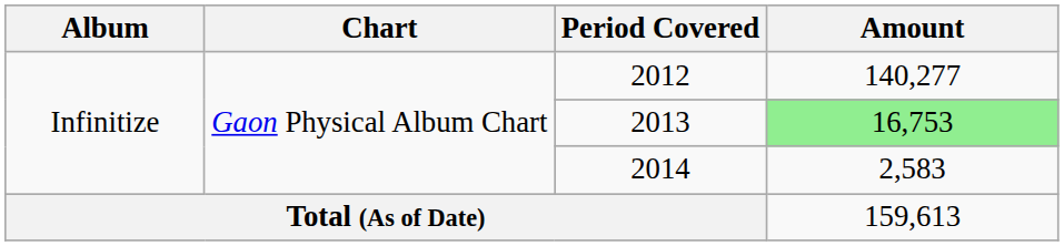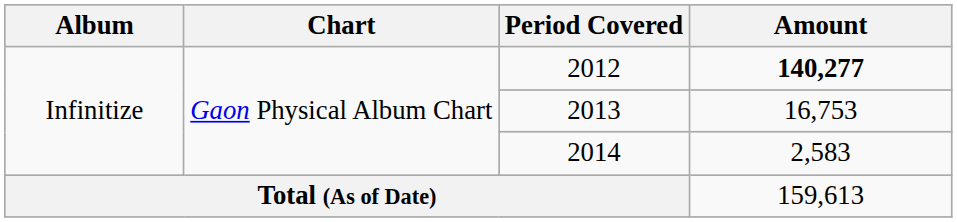 <table class="wikitable">
 <tr>
 <th width='100'>Album</th>
 <th>Chart</th>
 <th>Period Covered</th>
 <th style="width:150px;">Amount</th>
 </tr>
 <tr>
 <td rowspan='3' align="center">Infinitize</td>
 <td rowspan='3' align="center"><em><a href='#'>Gaon</a></em> Physical Album Chart</td>
 <td align="center">2012</td>
-<td align="center">140,277</td>
+<td align="center"><strong>140,277</strong></td>
 </tr>
 <tr>
 <td align="center">2013</td>
-<td align="center" style="background: lightgreen;">16,753</td>
+<td align="center">16,753</td>
 </tr>
 <tr>
 <td align="center">2014</td>
 <td align="center">2,583</td>
 </tr>
 <tr>
 <th colspan='3'>Total <small>(As of Date)</small></th>
 <td align="center">159,613</td>
 </tr>
 </table>
